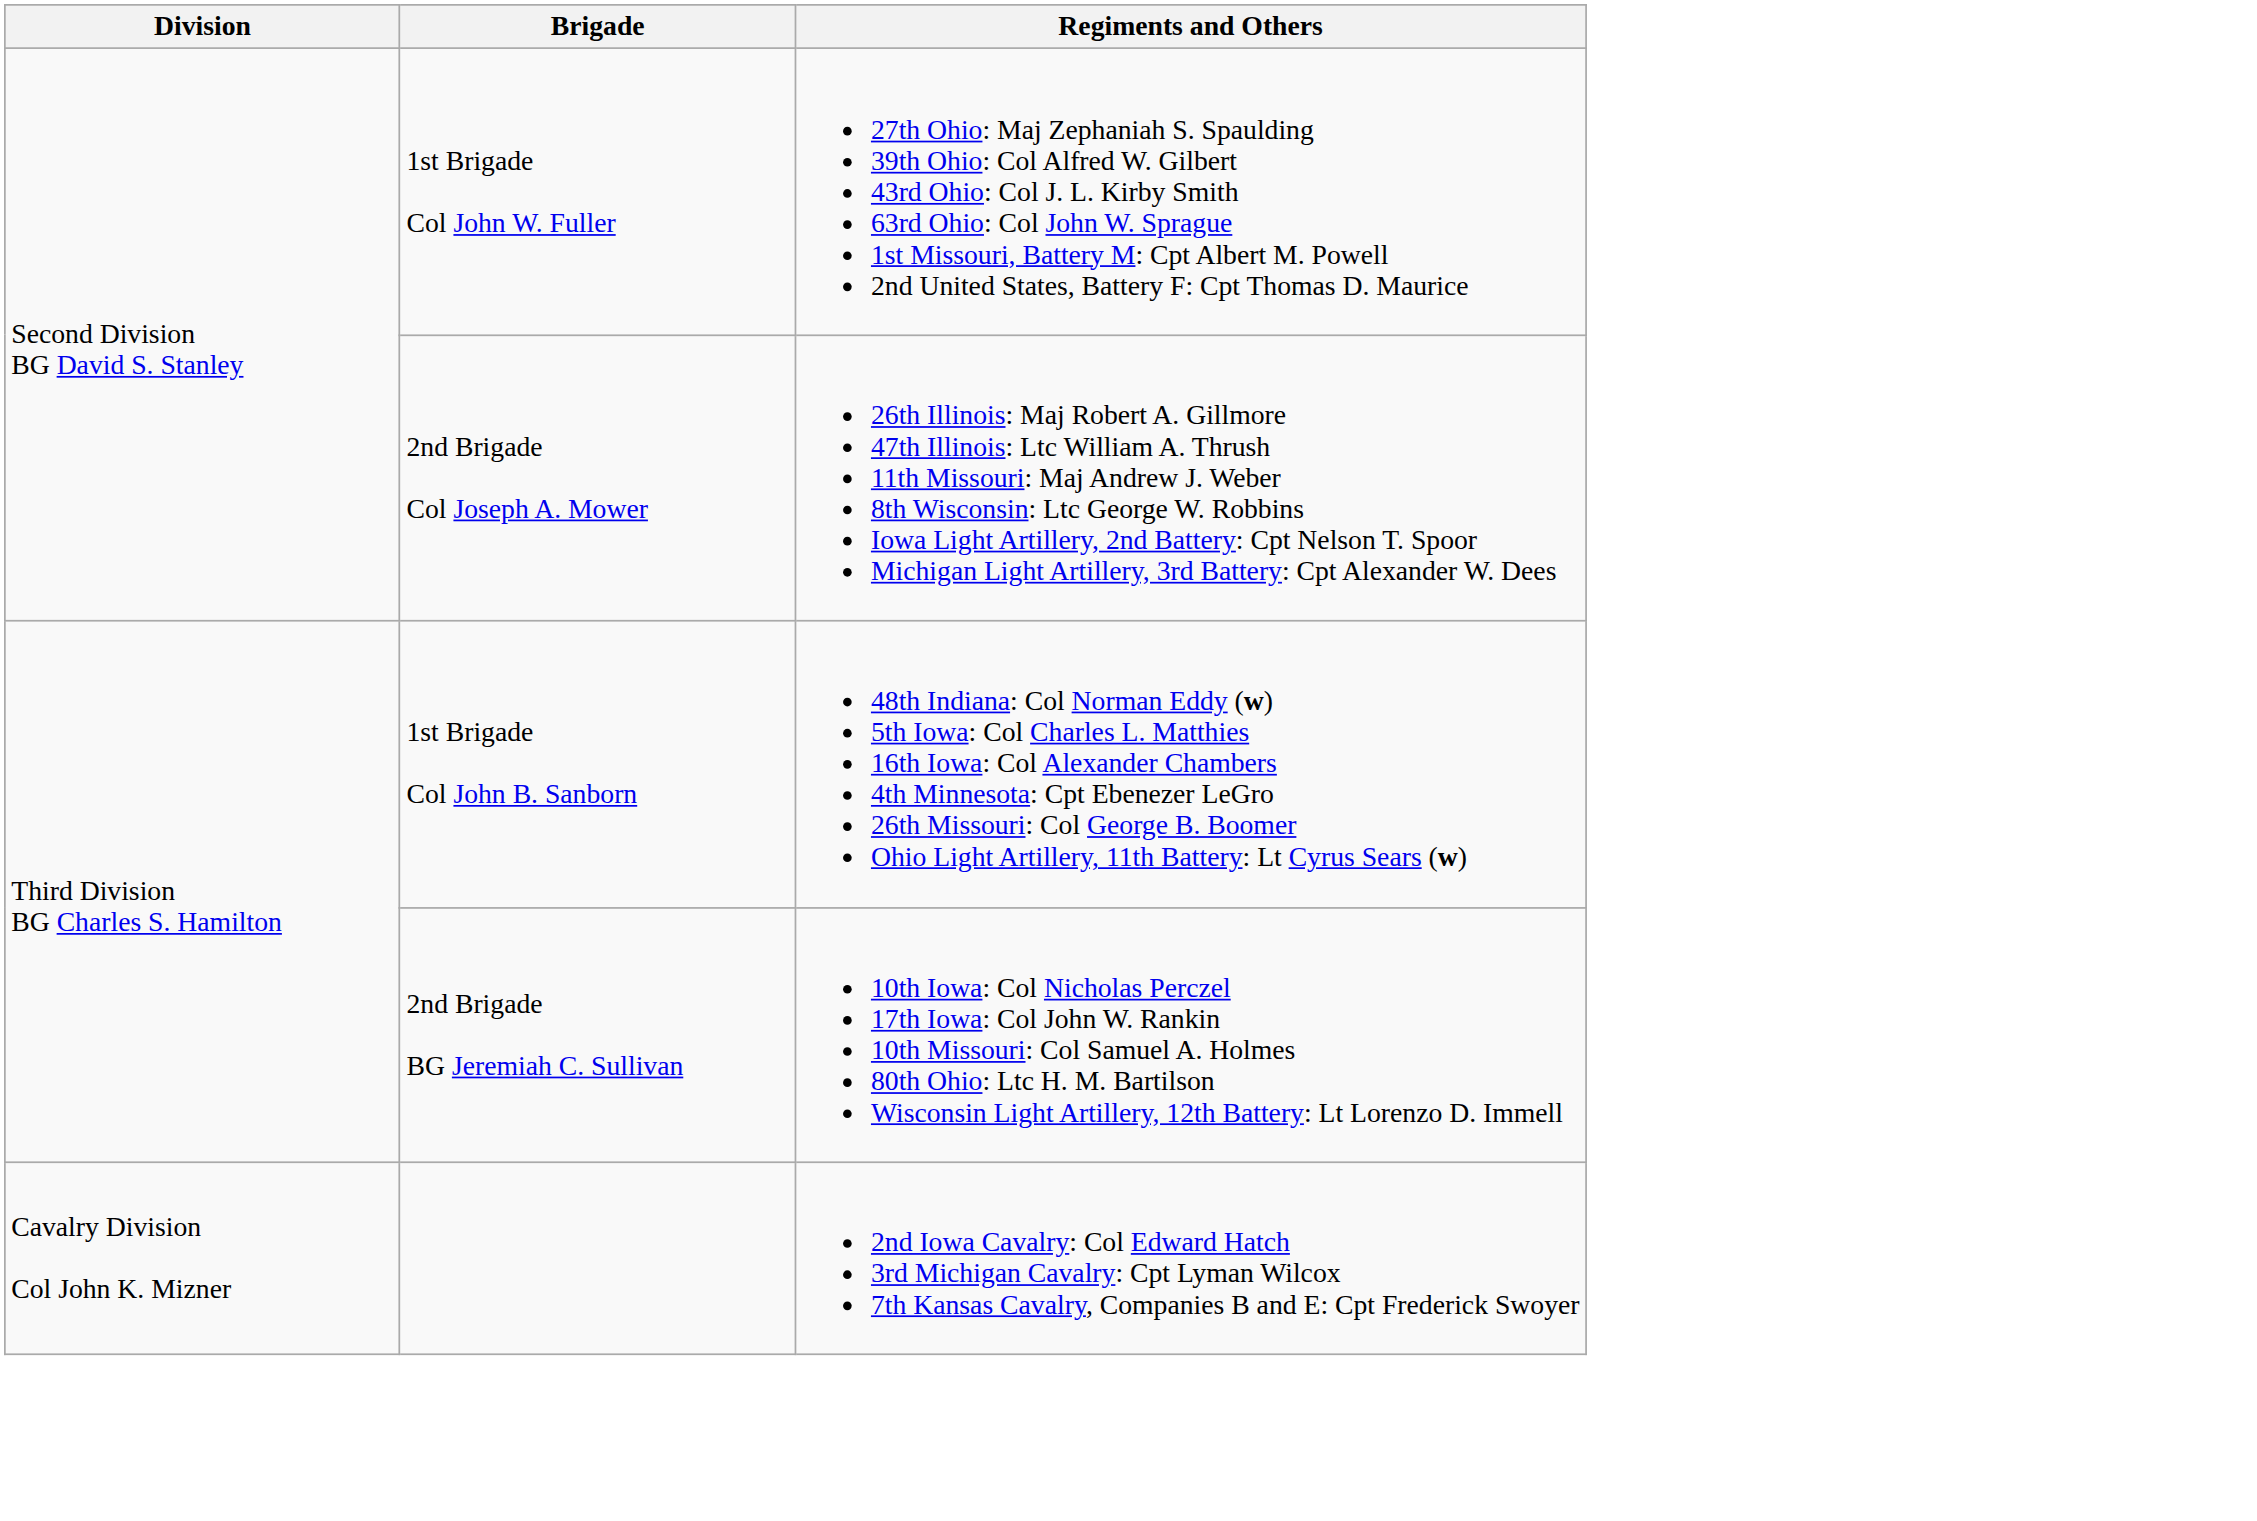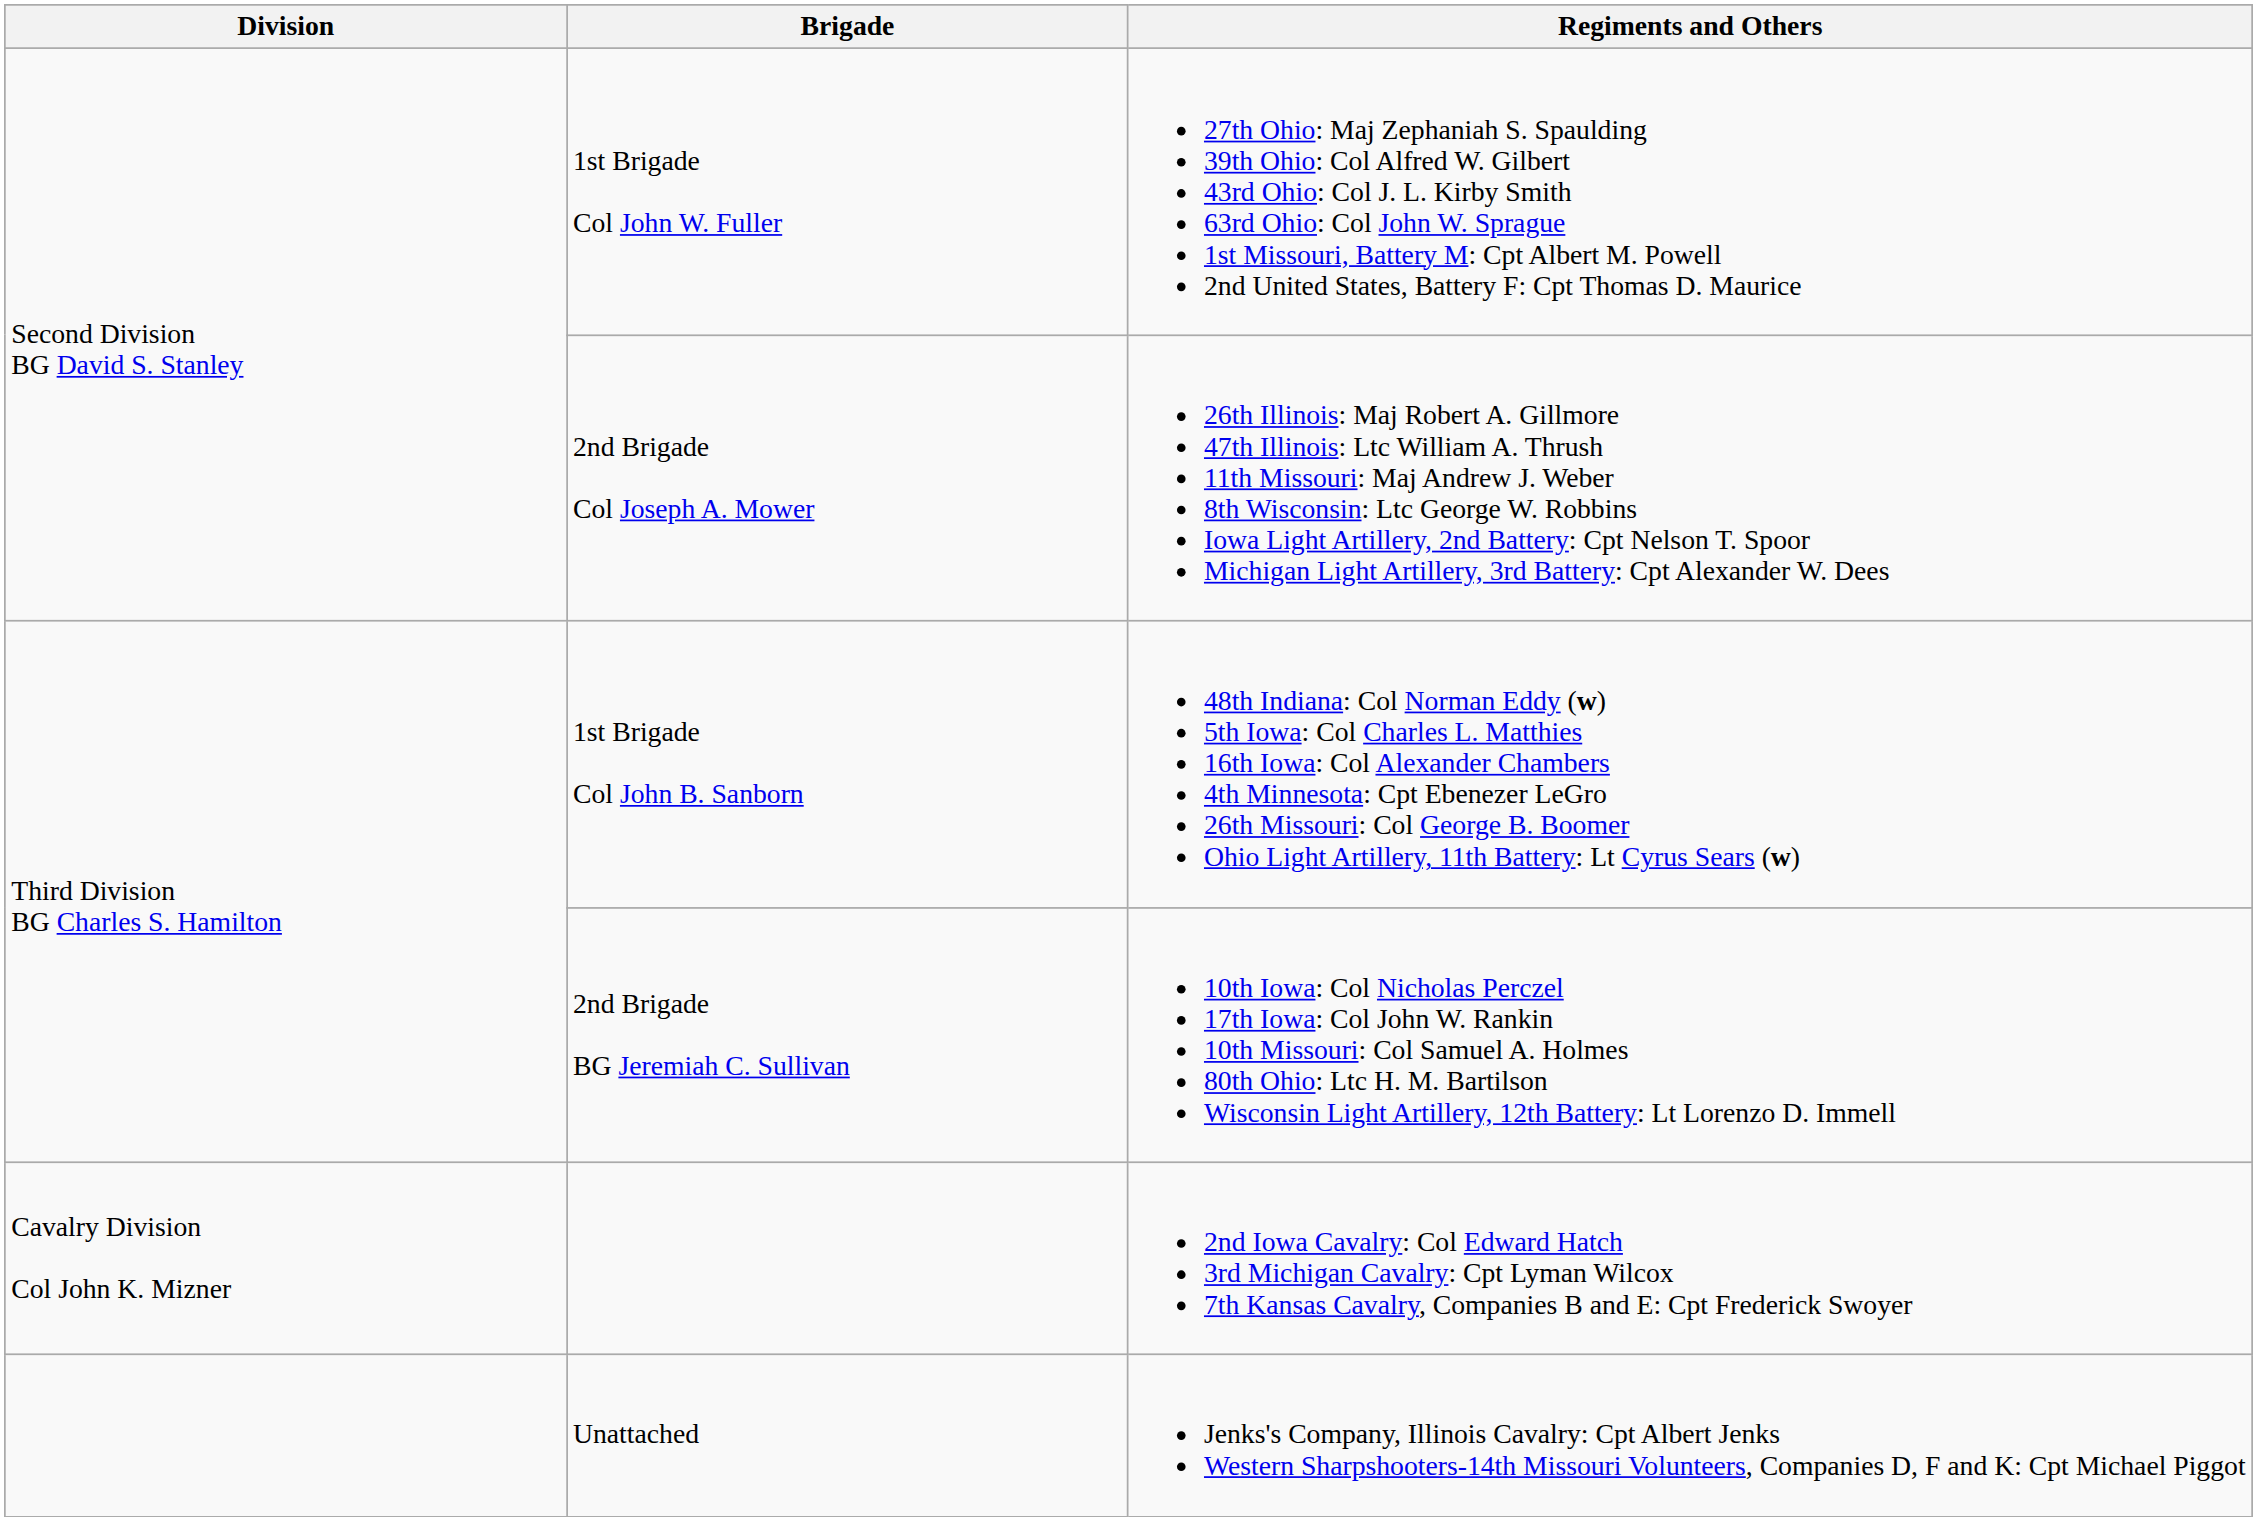 <table class="wikitable">
 <tr>
 <th width=25%>Division</th>
 <th width=25%>Brigade</th>
 <th>Regiments and Others</th>
 </tr>
 <tr>
 <td rowspan=2><br>Second Division <br> BG <a href='#'>David S. Stanley</a></td>
 <td>1st Brigade<br><br> Col <a href='#'>John W. Fuller</a></td>
 <td><br><ul><li><a href='#'>27th Ohio</a>: Maj Zephaniah S. Spaulding</li><li><a href='#'>39th Ohio</a>: Col Alfred W. Gilbert</li><li><a href='#'>43rd Ohio</a>: Col J. L. Kirby Smith</li><li><a href='#'>63rd Ohio</a>: Col <a href='#'>John W. Sprague</a></li><li><a href='#'>1st Missouri, Battery M</a>: Cpt Albert M. Powell</li><li>2nd United States, Battery F: Cpt Thomas D. Maurice</li></ul></td>
 </tr>
 <tr>
 <td>2nd Brigade<br><br> Col <a href='#'>Joseph A. Mower</a></td>
 <td><br><ul><li><a href='#'>26th Illinois</a>: Maj Robert A. Gillmore</li><li><a href='#'>47th Illinois</a>: Ltc William A. Thrush</li><li><a href='#'>11th Missouri</a>: Maj Andrew J. Weber</li><li><a href='#'>8th Wisconsin</a>: Ltc George W. Robbins</li><li><a href='#'>Iowa Light Artillery, 2nd Battery</a>: Cpt Nelson T. Spoor</li><li><a href='#'>Michigan Light Artillery, 3rd Battery</a>: Cpt Alexander W. Dees</li></ul></td>
 </tr>
 <tr>
 <td rowspan=2><br>Third Division <br> BG <a href='#'>Charles S. Hamilton</a></td>
 <td>1st Brigade<br><br> Col <a href='#'>John B. Sanborn</a></td>
 <td><br><ul><li><a href='#'>48th Indiana</a>: Col <a href='#'>Norman Eddy</a> (<strong>w</strong>)</li><li><a href='#'>5th Iowa</a>: Col <a href='#'>Charles L. Matthies</a></li><li><a href='#'>16th Iowa</a>: Col <a href='#'>Alexander Chambers</a></li><li><a href='#'>4th Minnesota</a>: Cpt Ebenezer LeGro</li><li><a href='#'>26th Missouri</a>: Col <a href='#'>George B. Boomer</a></li><li><a href='#'>Ohio Light Artillery, 11th Battery</a>: Lt <a href='#'>Cyrus Sears</a> (<strong>w</strong>)</li></ul></td>
 </tr>
 <tr>
 <td>2nd Brigade<br><br> BG <a href='#'>Jeremiah C. Sullivan</a></td>
 <td><br><ul><li><a href='#'>10th Iowa</a>: Col <a href='#'>Nicholas Perczel</a></li><li><a href='#'>17th Iowa</a>: Col John W. Rankin</li><li><a href='#'>10th Missouri</a>: Col Samuel A. Holmes</li><li><a href='#'>80th Ohio</a>: Ltc H. M. Bartilson</li><li><a href='#'>Wisconsin Light Artillery, 12th Battery</a>: Lt Lorenzo D. Immell</li></ul></td>
 </tr>
 <tr>
 <td>Cavalry Division<br><br> Col John K. Mizner</td>
 <td></td>
 <td><br><ul><li><a href='#'>2nd Iowa Cavalry</a>: Col <a href='#'>Edward Hatch</a></li><li><a href='#'>3rd Michigan Cavalry</a>: Cpt Lyman Wilcox</li><li><a href='#'>7th Kansas Cavalry</a>, Companies B and E: Cpt Frederick Swoyer</li></ul></td>
 </tr>
+<tr>
+<td></td>
+<td>Unattached</td>
+<td><br><ul><li>Jenks's Company, Illinois Cavalry: Cpt Albert Jenks</li><li><a href='#'>Western Sharpshooters-14th Missouri Volunteers</a>, Companies D, F and K: Cpt Michael Piggot</li></ul></td>
+</tr>
 </table>
